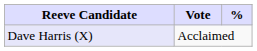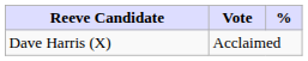 <table class="wikitable">
 <tr>
 <th style="background:#ddf; width:200px;">Reeve Candidate</th>
 <th style="background:#ddf; width:50px;">Vote</th>
 <th style="background:#ddf; width:30px;">%</th>
 </tr>
 <tr>
-<td style="background: lavender;">Dave Harris (X)</td>
+<td>Dave Harris (X)</td>
 <td colspan="2">Acclaimed</td>
 </tr>
 </table>
